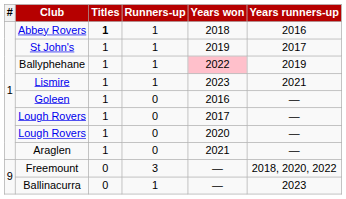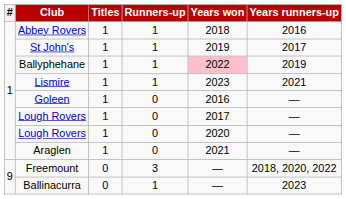 <table class="wikitable" style="text-align:center;">
 <tr>
 <th>#</th>
 <th style="background:#B60000;color:white">Club</th>
 <th style="background:#B60000;color:white">Titles</th>
 <th style="background:#B60000;color:white">Runners-up</th>
 <th style="background:#B60000;color:white">Years won</th>
 <th style="background:#B60000;color:white">Years runners-up</th>
 </tr>
 <tr>
 <td rowspan="8">1</td>
 <td><a href='#'>Abbey Rovers</a></td>
-<td><strong>1</strong></td>
+<td>1</td>
 <td>1</td>
 <td>2018</td>
 <td>2016</td>
 </tr>
 <tr>
 <td><a href='#'>St John's</a></td>
 <td>1</td>
 <td>1</td>
 <td>2019</td>
 <td>2017</td>
 </tr>
 <tr>
 <td>Ballyphehane</td>
 <td>1</td>
 <td>1</td>
 <td style="background: pink;">2022</td>
 <td>2019</td>
 </tr>
 <tr>
 <td><a href='#'>Lismire</a></td>
 <td>1</td>
 <td>1</td>
 <td>2023</td>
 <td>2021</td>
 </tr>
 <tr>
 <td><a href='#'>Goleen</a></td>
 <td>1</td>
 <td>0</td>
 <td>2016</td>
 <td>—</td>
 </tr>
 <tr>
 <td><a href='#'>Lough Rovers</a></td>
 <td>1</td>
 <td>0</td>
 <td>2017</td>
 <td>—</td>
 </tr>
 <tr>
 <td><a href='#'>Lough Rovers</a></td>
 <td>1</td>
 <td>0</td>
 <td>2020</td>
 <td>—</td>
 </tr>
 <tr>
 <td>Araglen</td>
 <td>1</td>
 <td>0</td>
 <td>2021</td>
 <td>—</td>
 </tr>
 <tr>
 <td rowspan="2">9</td>
 <td>Freemount</td>
 <td>0</td>
 <td>3</td>
 <td>—</td>
 <td>2018, 2020, 2022</td>
 </tr>
 <tr>
 <td>Ballinacurra</td>
 <td>0</td>
 <td>1</td>
 <td>—</td>
 <td>2023</td>
 </tr>
 </table>
